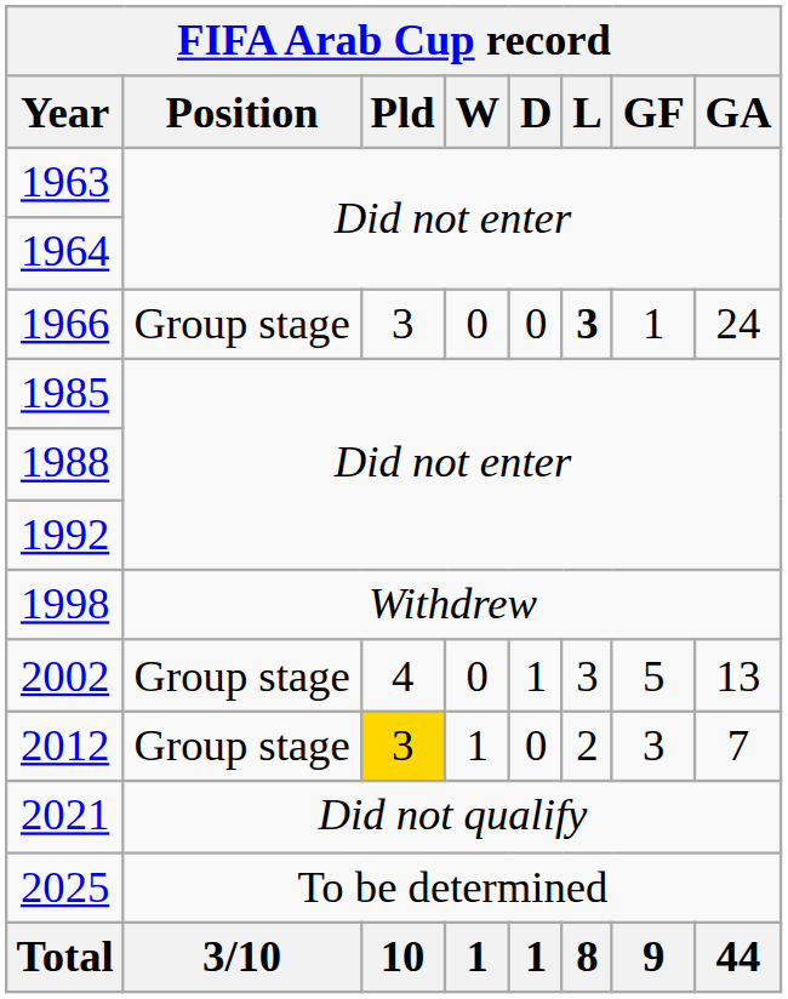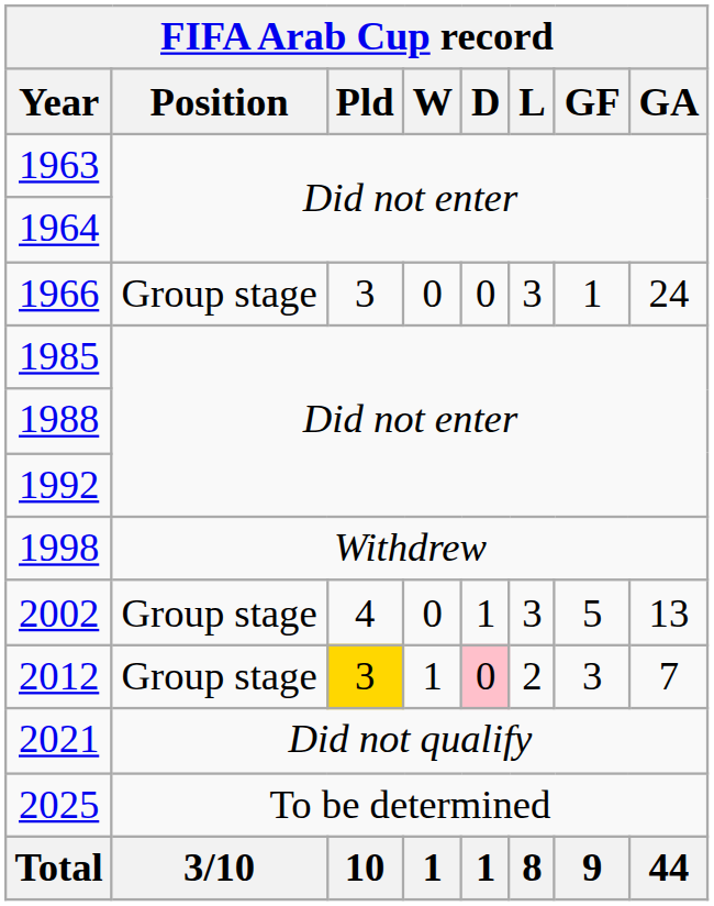 <table class="wikitable" style="text-align: center;">
 <tr>
 <th colspan=8><a href='#'>FIFA Arab Cup</a> record</th>
 </tr>
 <tr>
 <th>Year</th>
 <th>Position</th>
 <th>Pld</th>
 <th>W</th>
 <th>D</th>
 <th>L</th>
 <th>GF</th>
 <th>GA</th>
 </tr>
 <tr>
 <td> <a href='#'>1963</a></td>
 <td colspan=7 rowspan=2><em>Did not enter</em></td>
 </tr>
 <tr>
 <td> <a href='#'>1964</a></td>
 </tr>
 <tr>
 <td> <a href='#'>1966</a></td>
 <td>Group stage</td>
 <td>3</td>
 <td>0</td>
 <td>0</td>
-<td><strong>3</strong></td>
+<td>3</td>
 <td>1</td>
 <td>24</td>
 </tr>
 <tr>
 <td> <a href='#'>1985</a></td>
 <td colspan=7 rowspan=3><em>Did not enter</em></td>
 </tr>
 <tr>
 <td> <a href='#'>1988</a></td>
 </tr>
 <tr>
 <td> <a href='#'>1992</a></td>
 </tr>
 <tr>
 <td> <a href='#'>1998</a></td>
 <td colspan=7><em>Withdrew</em></td>
 </tr>
 <tr>
 <td> <a href='#'>2002</a></td>
 <td>Group stage</td>
 <td>4</td>
 <td>0</td>
 <td>1</td>
 <td>3</td>
 <td>5</td>
 <td>13</td>
 </tr>
 <tr>
 <td> <a href='#'>2012</a></td>
 <td>Group stage</td>
 <td style="background: gold;">3</td>
 <td>1</td>
-<td>0</td>
+<td style="background: pink;">0</td>
 <td>2</td>
 <td>3</td>
 <td>7</td>
 </tr>
 <tr>
 <td> <a href='#'>2021</a></td>
 <td colspan=7><em>Did not qualify</em></td>
 </tr>
 <tr>
 <td> <a href='#'>2025</a></td>
 <td colspan="7" rowspan="1">To be determined</td>
 </tr>
 <tr>
 <th>Total</th>
 <th>3/10</th>
 <th>10</th>
 <th>1</th>
 <th>1</th>
 <th>8</th>
 <th>9</th>
 <th>44</th>
 </tr>
 </table>
